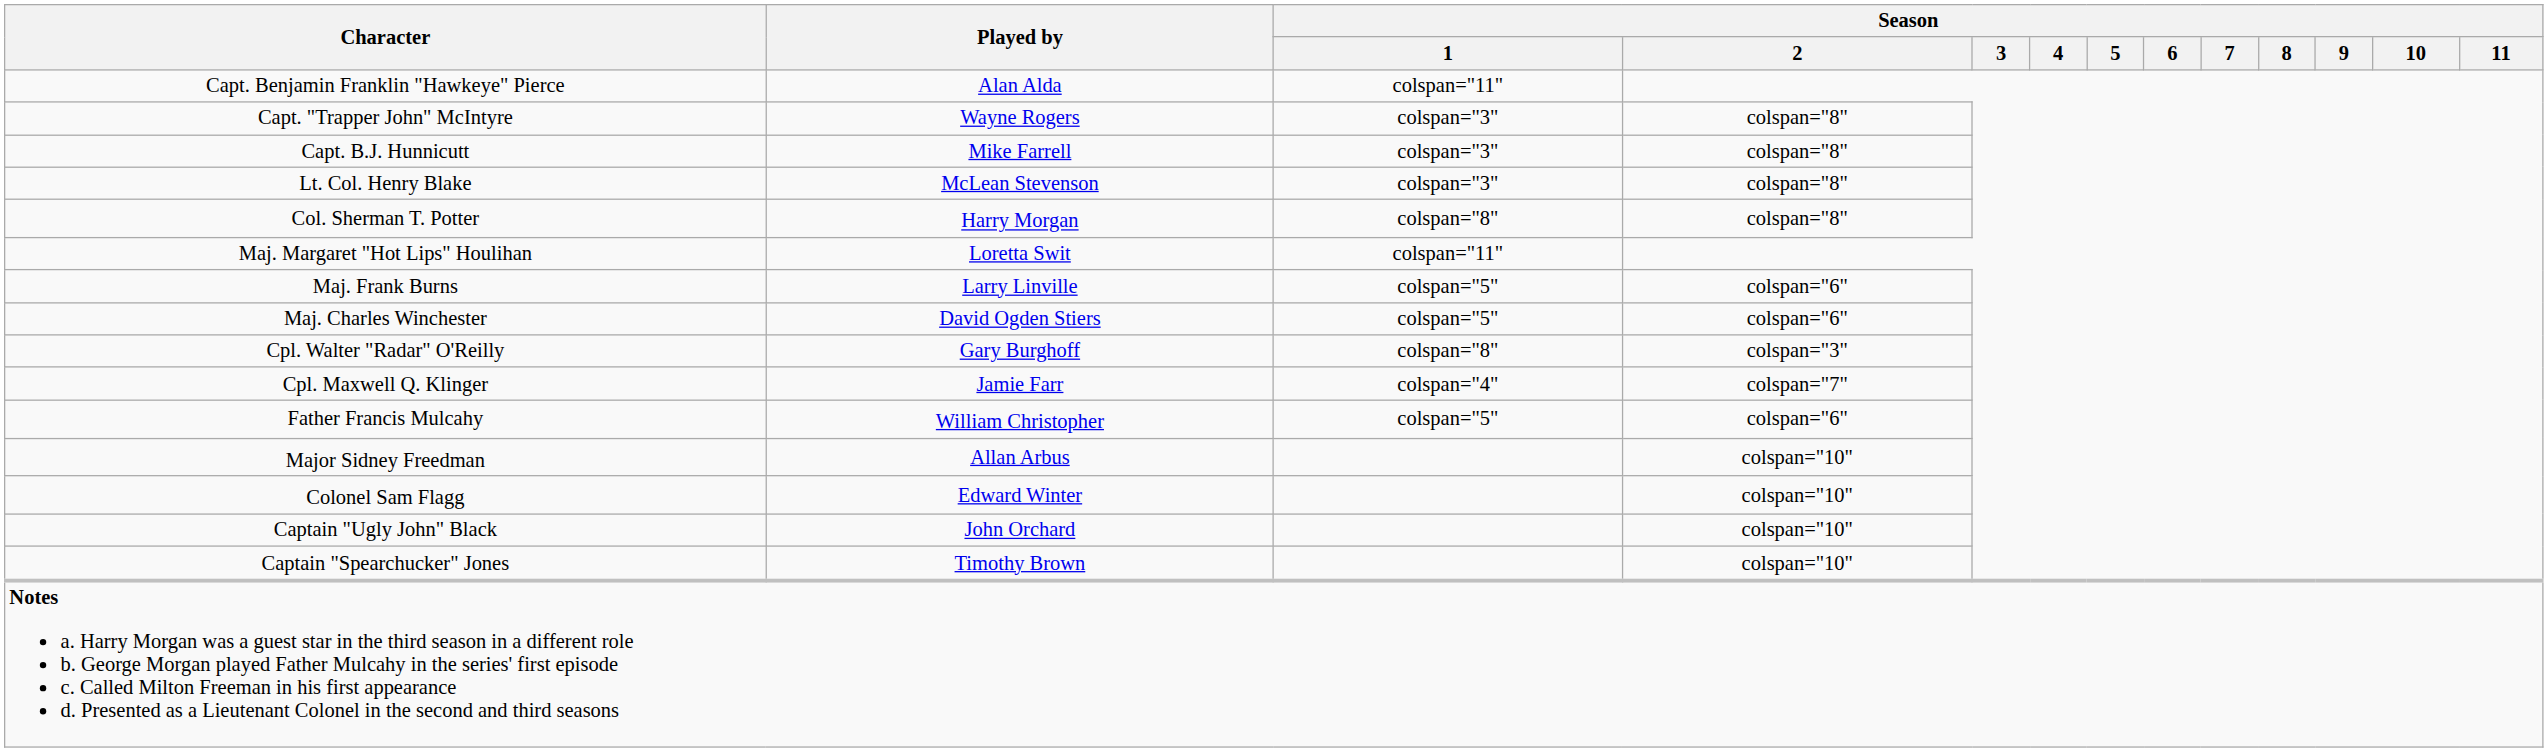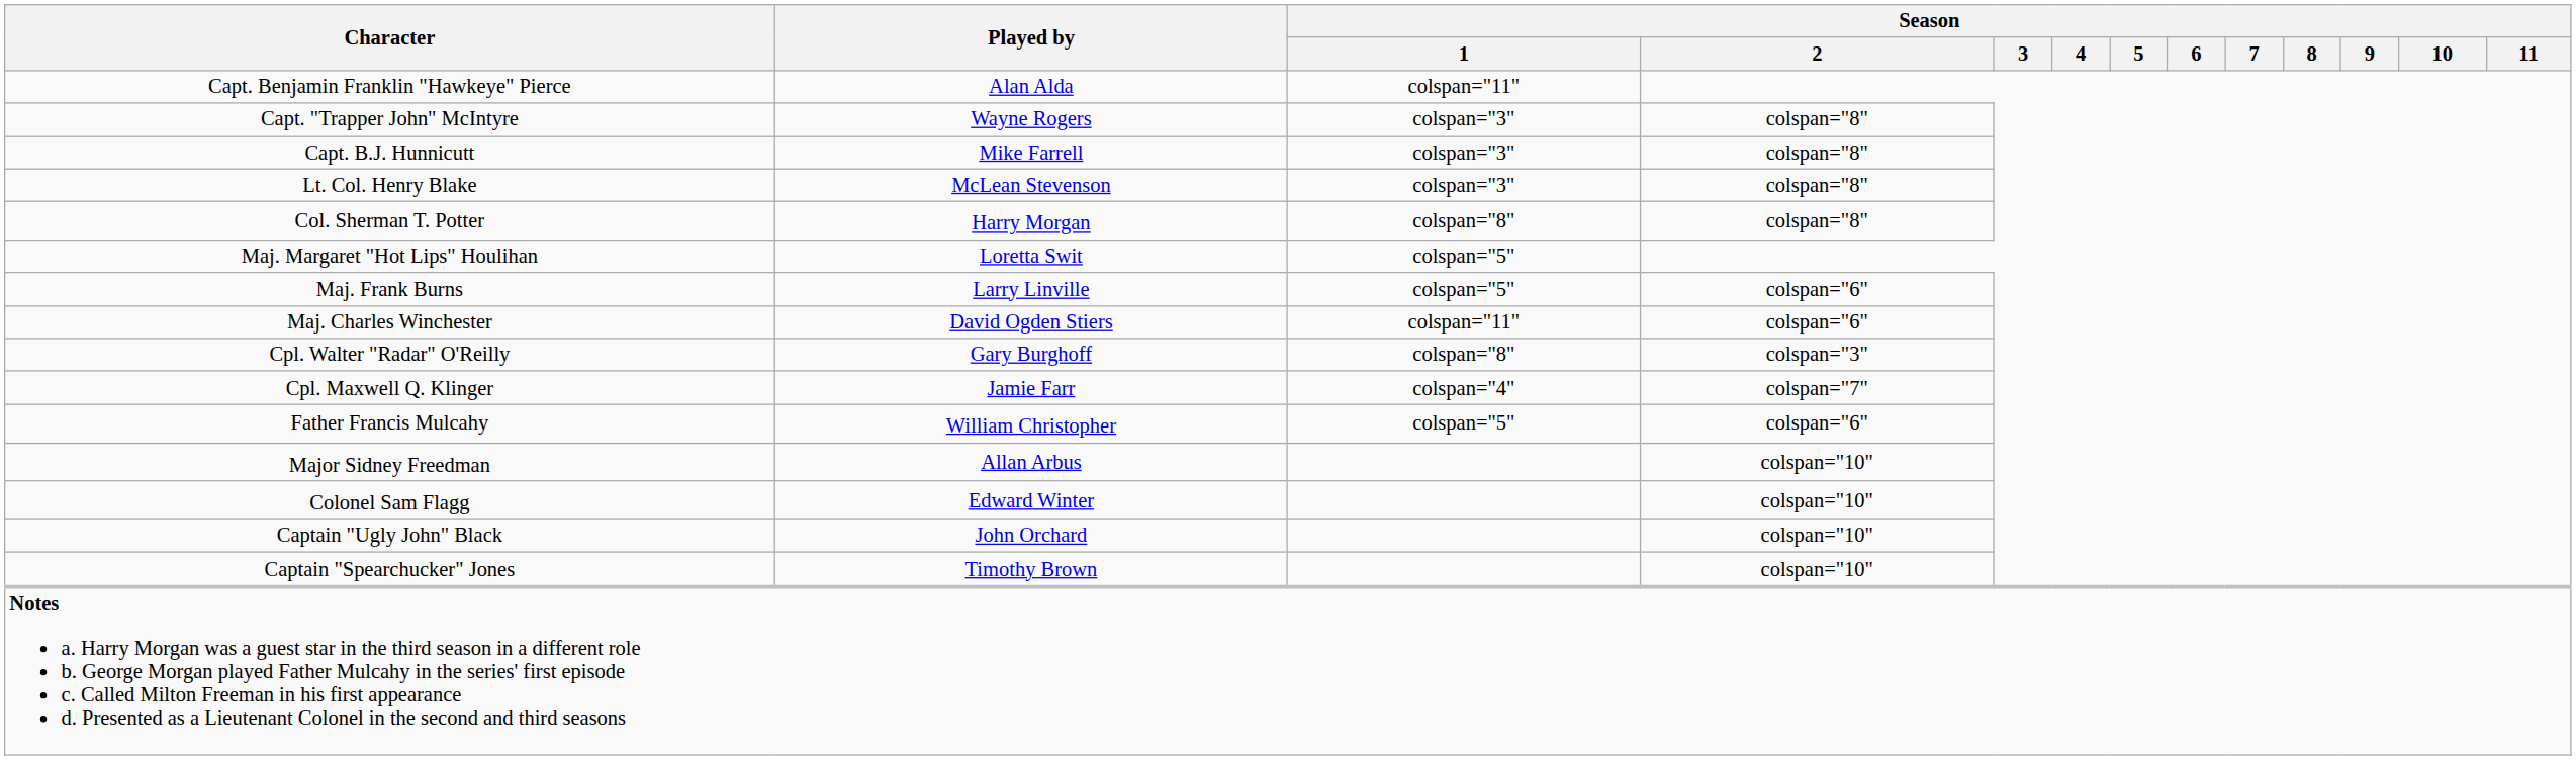 <table class="wikitable" width="100%">
 <tr>
 <th rowspan="2" width="30%">Character</th>
 <th rowspan="2" width="20%">Played by</th>
 <th colspan="11">Season</th>
 </tr>
 <tr align="center">
 <th>1</th>
 <th>2</th>
 <th>3</th>
 <th>4</th>
 <th>5</th>
 <th>6</th>
 <th>7</th>
 <th>8</th>
 <th>9</th>
 <th>10</th>
 <th>11</th>
 </tr>
 <tr align="center">
 <td>Capt. Benjamin Franklin "Hawkeye" Pierce</td>
 <td><a href='#'>Alan Alda</a></td>
 <td>colspan="11"</td>
 </tr>
 <tr align="center">
 <td>Capt. "Trapper John" McIntyre</td>
 <td><a href='#'>Wayne Rogers</a></td>
 <td>colspan="3"</td>
 <td>colspan="8"</td>
 </tr>
 <tr align="center">
 <td>Capt. B.J. Hunnicutt</td>
 <td><a href='#'>Mike Farrell</a></td>
 <td>colspan="3"</td>
 <td>colspan="8"</td>
 </tr>
 <tr align="center">
 <td>Lt. Col. Henry Blake</td>
 <td><a href='#'>McLean Stevenson</a></td>
 <td>colspan="3"</td>
 <td>colspan="8"</td>
 </tr>
 <tr align="center">
 <td>Col. Sherman T. Potter</td>
 <td><a href='#'>Harry Morgan</a><sup></sup></td>
 <td>colspan="8"</td>
 <td>colspan="8"</td>
 </tr>
 <tr align="center">
 <td>Maj. Margaret "Hot Lips" Houlihan</td>
 <td><a href='#'>Loretta Swit</a></td>
-<td>colspan="11"</td>
+<td>colspan="5"</td>
 </tr>
 <tr align="center">
 <td>Maj. Frank Burns</td>
 <td><a href='#'>Larry Linville</a></td>
 <td>colspan="5"</td>
 <td>colspan="6"</td>
 </tr>
 <tr align="center">
 <td>Maj. Charles Winchester</td>
 <td><a href='#'>David Ogden Stiers</a></td>
-<td>colspan="5"</td>
+<td>colspan="11"</td>
 <td>colspan="6"</td>
 </tr>
 <tr align="center">
 <td>Cpl. Walter "Radar" O'Reilly</td>
 <td><a href='#'>Gary Burghoff</a></td>
 <td>colspan="8"</td>
 <td>colspan="3"</td>
 </tr>
 <tr align="center">
 <td>Cpl. Maxwell Q. Klinger</td>
 <td><a href='#'>Jamie Farr</a></td>
 <td>colspan="4"</td>
 <td>colspan="7"</td>
 </tr>
 <tr align="center">
 <td>Father Francis Mulcahy</td>
 <td><a href='#'>William Christopher</a><sup></sup></td>
 <td>colspan="5"</td>
 <td>colspan="6"</td>
 </tr>
 <tr align="center">
 <td>Major Sidney Freedman<sup></sup></td>
 <td><a href='#'>Allan Arbus</a></td>
 <td></td>
 <td>colspan="10"</td>
 </tr>
 <tr align="center">
 <td>Colonel Sam Flagg<sup></sup></td>
 <td><a href='#'>Edward Winter</a></td>
 <td></td>
 <td>colspan="10"</td>
 </tr>
 <tr align="center">
 <td>Captain "Ugly John" Black</td>
 <td><a href='#'>John Orchard</a></td>
 <td></td>
 <td>colspan="10"</td>
 </tr>
 <tr align="center">
 <td>Captain "Spearchucker" Jones</td>
 <td><a href='#'>Timothy Brown</a></td>
 <td></td>
 <td>colspan="10"</td>
 </tr>
 <tr style="border-top: 3px solid silver;">
 <td colspan="13"><strong>Notes</strong><br><ul><li>a. Harry Morgan was a guest star in the third season in a different role</li><li>b. George Morgan played Father Mulcahy in the series' first episode</li><li>c. Called Milton Freeman in his first appearance</li><li>d. Presented as a Lieutenant Colonel in the second and third seasons</li></ul></td>
 </tr>
 </table>
